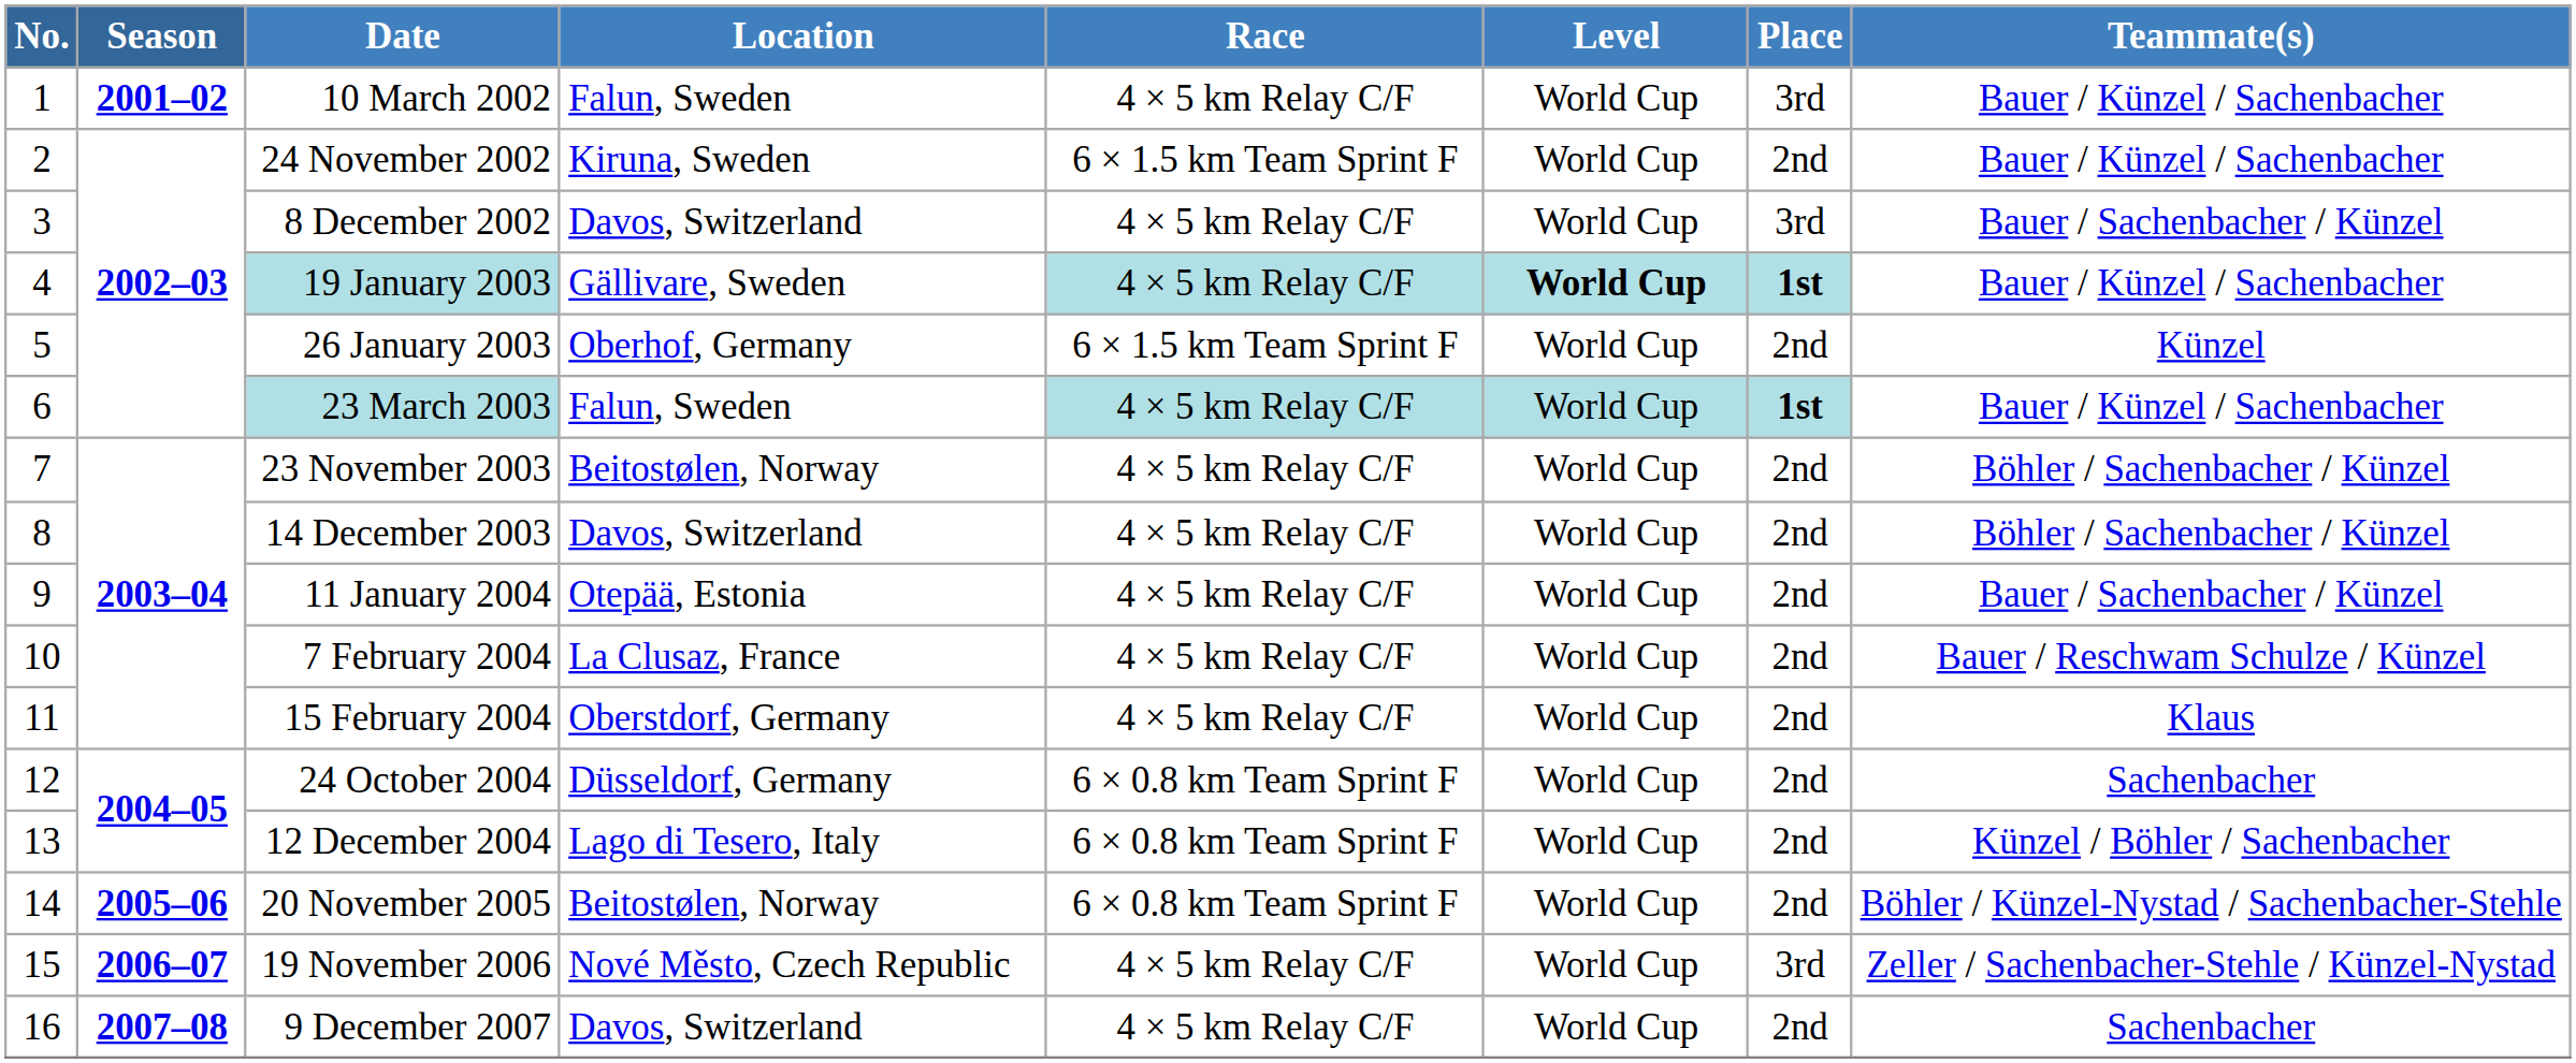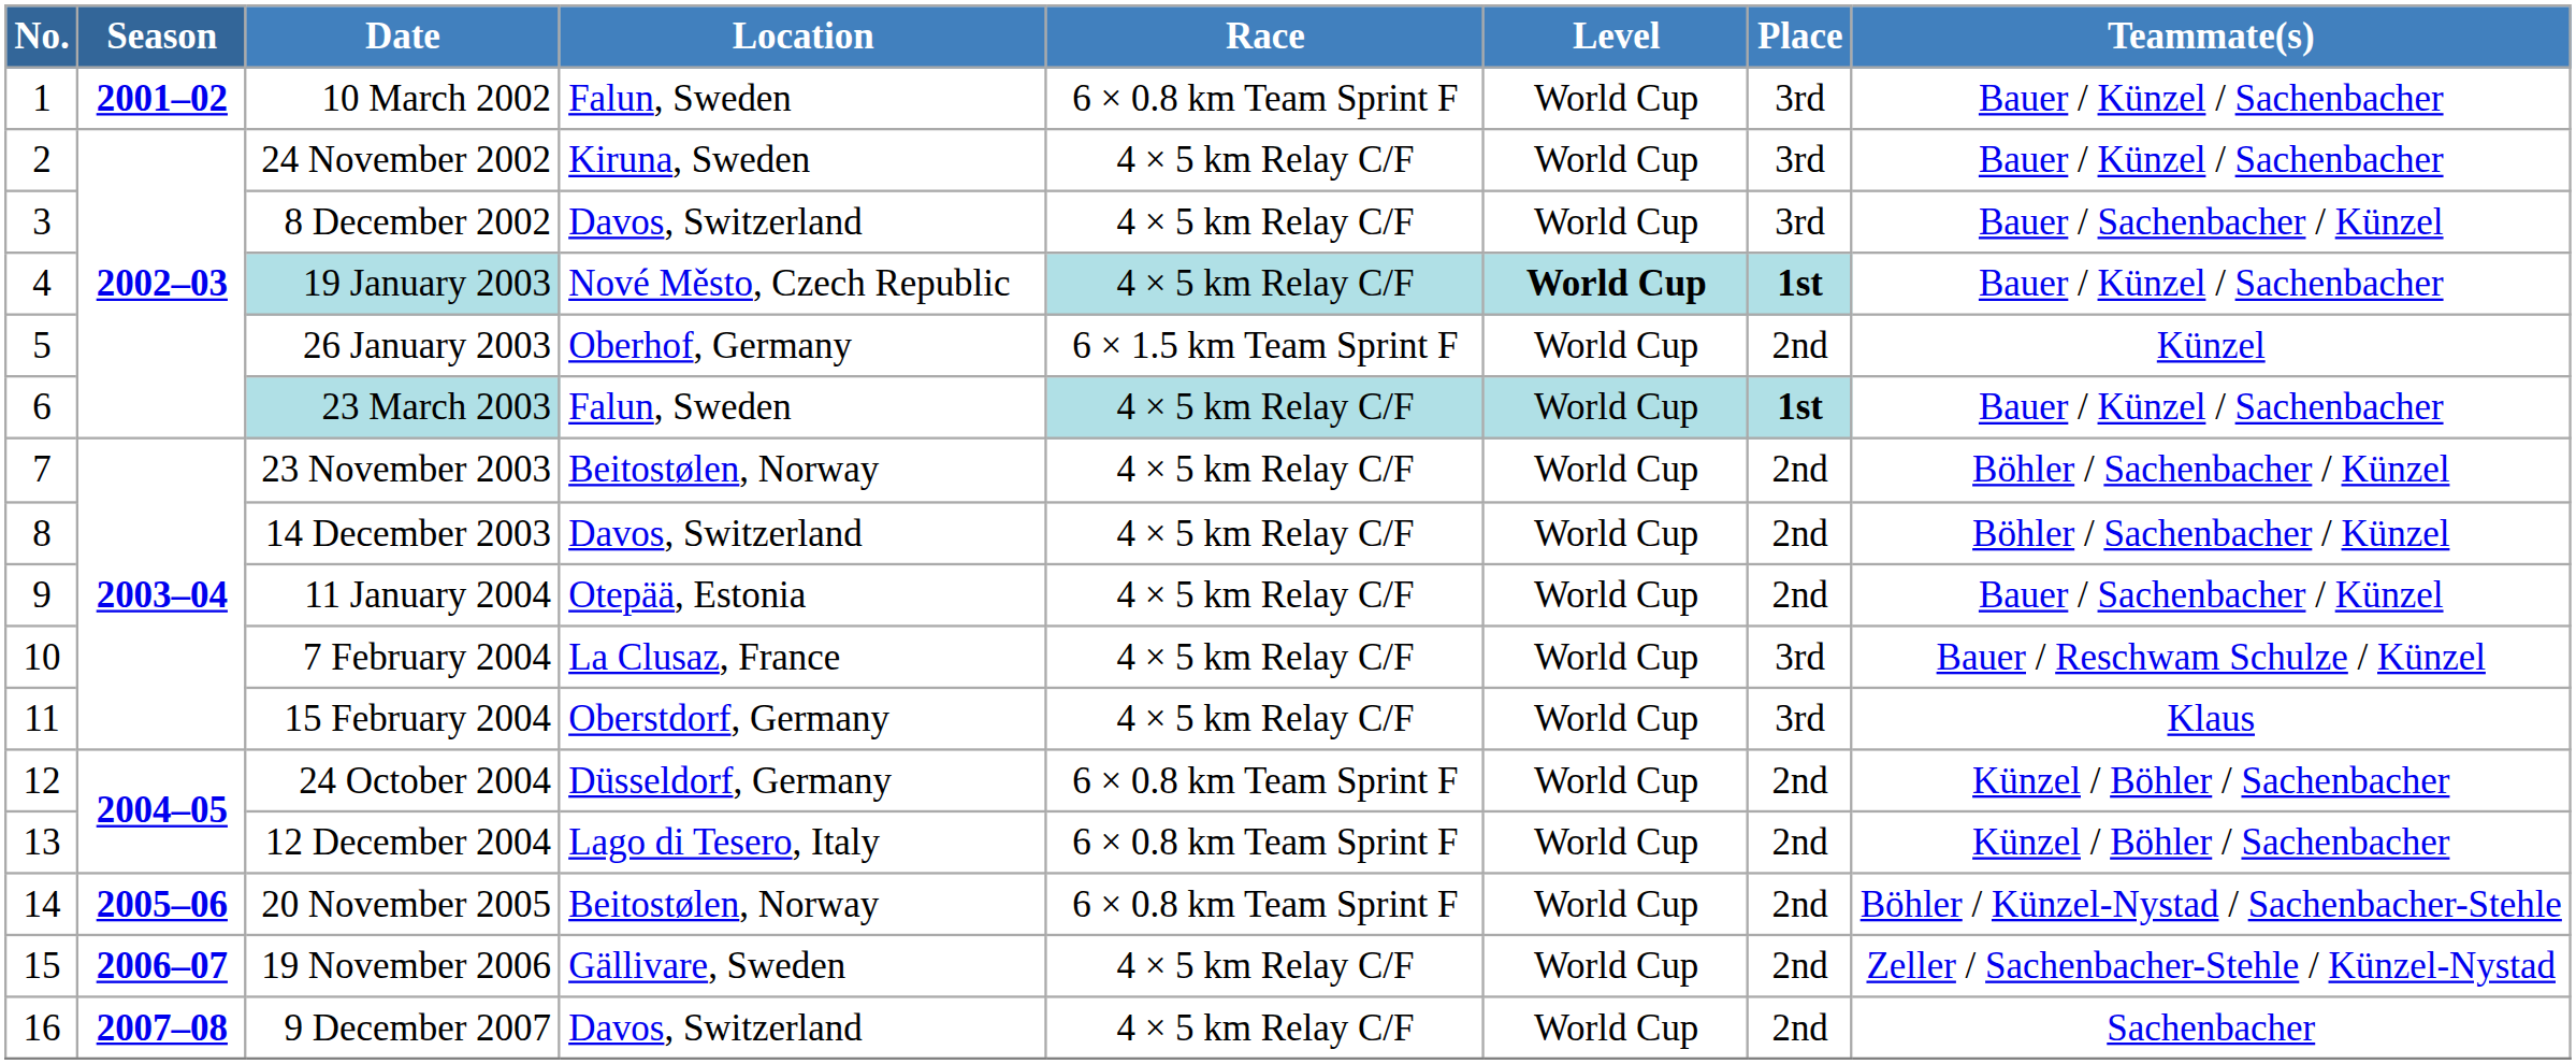 <table class="wikitable sortable" style="font-size:95%; text-align:center; border:grey solid 1px; border-collapse:collapse; background:#ffffff;">
 <tr style="background:#efefef;">
 <th style="background-color:#369; color:white;">No.</th>
 <th style="background-color:#369; color:white;">Season</th>
 <th style="background-color:#4180be; color:white; width:120px;">Date</th>
 <th style="background-color:#4180be; color:white; width:190px;">Location</th>
 <th style="background-color:#4180be; color:white; width:170px;">Race</th>
 <th style="background-color:#4180be; color:white; width:100px;">Level</th>
 <th style="background-color:#4180be; color:white;">Place</th>
 <th style="background-color:#4180be; color:white;">Teammate(s)</th>
 </tr>
 <tr>
 <td align=center>1</td>
 <td rowspan=1 align=center><strong> <a href='#'>2001–02</a> </strong></td>
 <td align=right>10 March 2002</td>
 <td align=left> <a href='#'>Falun</a>, Sweden</td>
-<td>4 × 5 km Relay C/F</td>
+<td>6 × 0.8 km Team Sprint F</td>
 <td>World Cup</td>
 <td>3rd</td>
 <td><a href='#'>Bauer</a> / <a href='#'>Künzel</a> / <a href='#'>Sachenbacher</a></td>
 </tr>
 <tr>
 <td align=center>2</td>
 <td rowspan=5 align=center><strong> <a href='#'>2002–03</a> </strong></td>
 <td align=right>24 November 2002</td>
 <td align=left> <a href='#'>Kiruna</a>, Sweden</td>
-<td>6 × 1.5 km Team Sprint F</td>
+<td>4 × 5 km Relay C/F</td>
 <td>World Cup</td>
-<td>2nd</td>
+<td>3rd</td>
 <td><a href='#'>Bauer</a> / <a href='#'>Künzel</a> / <a href='#'>Sachenbacher</a></td>
 </tr>
 <tr>
 <td align=center>3</td>
 <td align=right>8 December 2002</td>
 <td align=left> <a href='#'>Davos</a>, Switzerland</td>
 <td>4 × 5 km Relay C/F</td>
 <td>World Cup</td>
 <td>3rd</td>
 <td><a href='#'>Bauer</a> / <a href='#'>Sachenbacher</a> / <a href='#'>Künzel</a></td>
 </tr>
 <tr>
 <td align=center>4</td>
 <td bgcolor="#BOEOE6" align=right>19 January 2003</td>
-<td align=left> <a href='#'>Gällivare</a>, Sweden</td>
+<td align=left> <a href='#'>Nové Město</a>, Czech Republic</td>
 <td bgcolor="#BOEOE6">4 × 5 km Relay C/F</td>
 <td bgcolor="#BOEOE6"><strong>World Cup</strong></td>
 <td bgcolor="#BOEOE6"><strong>1st</strong></td>
 <td><a href='#'>Bauer</a> / <a href='#'>Künzel</a> / <a href='#'>Sachenbacher</a></td>
 </tr>
 <tr>
 <td align=center>5</td>
 <td align=right>26 January 2003</td>
 <td align=left> <a href='#'>Oberhof</a>, Germany</td>
 <td>6 × 1.5 km Team Sprint F</td>
 <td>World Cup</td>
 <td>2nd</td>
 <td><a href='#'>Künzel</a></td>
 </tr>
 <tr>
 <td align=center>6</td>
 <td bgcolor="#BOEOE6" align=right>23 March 2003</td>
 <td align=left> <a href='#'>Falun</a>, Sweden</td>
 <td bgcolor="#BOEOE6">4 × 5 km Relay C/F</td>
 <td bgcolor="#BOEOE6">World Cup</td>
 <td bgcolor="#BOEOE6"><strong>1st</strong></td>
 <td><a href='#'>Bauer</a> / <a href='#'>Künzel</a> / <a href='#'>Sachenbacher</a></td>
 </tr>
 <tr>
 <td align=center>7</td>
 <td rowspan=5 align=center><strong> <a href='#'>2003–04</a> </strong></td>
 <td align=right>23 November 2003</td>
 <td align=left> <a href='#'>Beitostølen</a>, Norway</td>
 <td>4 × 5 km Relay C/F</td>
 <td>World Cup</td>
 <td>2nd</td>
 <td><a href='#'>Böhler</a> / <a href='#'>Sachenbacher</a> / <a href='#'>Künzel</a></td>
 </tr>
 <tr>
 <td align=center>8</td>
 <td align=right>14 December 2003</td>
 <td align=left> <a href='#'>Davos</a>, Switzerland</td>
 <td>4 × 5 km Relay C/F</td>
 <td>World Cup</td>
 <td>2nd</td>
 <td><a href='#'>Böhler</a> / <a href='#'>Sachenbacher</a> / <a href='#'>Künzel</a></td>
 </tr>
 <tr>
 <td align=center>9</td>
 <td align=right>11 January 2004</td>
 <td align=left> <a href='#'>Otepää</a>, Estonia</td>
 <td>4 × 5 km Relay C/F</td>
 <td>World Cup</td>
 <td>2nd</td>
 <td><a href='#'>Bauer</a> / <a href='#'>Sachenbacher</a> / <a href='#'>Künzel</a></td>
 </tr>
 <tr>
 <td align=center>10</td>
 <td align=right>7 February 2004</td>
 <td align=left> <a href='#'>La Clusaz</a>, France</td>
 <td>4 × 5 km Relay C/F</td>
 <td>World Cup</td>
-<td>2nd</td>
+<td>3rd</td>
 <td><a href='#'>Bauer</a> / <a href='#'>Reschwam Schulze</a> / <a href='#'>Künzel</a></td>
 </tr>
 <tr>
 <td align=center>11</td>
 <td align=right>15 February 2004</td>
 <td align=left> <a href='#'>Oberstdorf</a>, Germany</td>
 <td>4 × 5 km Relay C/F</td>
 <td>World Cup</td>
-<td>2nd</td>
+<td>3rd</td>
 <td><a href='#'>Klaus</a></td>
 </tr>
 <tr>
 <td align=center>12</td>
 <td rowspan=2 align=center><strong> <a href='#'>2004–05</a> </strong></td>
 <td align=right>24 October 2004</td>
 <td align=left> <a href='#'>Düsseldorf</a>, Germany</td>
 <td>6 × 0.8 km Team Sprint F</td>
 <td>World Cup</td>
 <td>2nd</td>
-<td><a href='#'>Sachenbacher</a></td>
+<td><a href='#'>Künzel</a> / <a href='#'>Böhler</a> / <a href='#'>Sachenbacher</a></td>
 </tr>
 <tr>
 <td align=center>13</td>
 <td align=right>12 December 2004</td>
 <td align=left> <a href='#'>Lago di Tesero</a>, Italy</td>
 <td>6 × 0.8 km Team Sprint F</td>
 <td>World Cup</td>
 <td>2nd</td>
 <td><a href='#'>Künzel</a> / <a href='#'>Böhler</a> / <a href='#'>Sachenbacher</a></td>
 </tr>
 <tr>
 <td align=center>14</td>
 <td rowspan=1 align=center><strong> <a href='#'>2005–06</a> </strong></td>
 <td align=right>20 November 2005</td>
 <td align=left> <a href='#'>Beitostølen</a>, Norway</td>
 <td>6 × 0.8 km Team Sprint F</td>
 <td>World Cup</td>
 <td>2nd</td>
 <td><a href='#'>Böhler</a> / <a href='#'>Künzel-Nystad</a> / <a href='#'>Sachenbacher-Stehle</a></td>
 </tr>
 <tr>
 <td align=center>15</td>
 <td rowspan=1 align=center><strong> <a href='#'>2006–07</a> </strong></td>
 <td align=right>19 November 2006</td>
-<td align=left> <a href='#'>Nové Město</a>, Czech Republic</td>
+<td align=left> <a href='#'>Gällivare</a>, Sweden</td>
 <td>4 × 5 km Relay C/F</td>
 <td>World Cup</td>
-<td>3rd</td>
+<td>2nd</td>
 <td><a href='#'>Zeller</a> / <a href='#'>Sachenbacher-Stehle</a> / <a href='#'>Künzel-Nystad</a></td>
 </tr>
 <tr>
 <td align=center>16</td>
 <td rowspan=1 align=center><strong> <a href='#'>2007–08</a> </strong></td>
 <td align=right>9 December 2007</td>
 <td align=left> <a href='#'>Davos</a>, Switzerland</td>
 <td>4 × 5 km Relay C/F</td>
 <td>World Cup</td>
 <td>2nd</td>
 <td><a href='#'>Sachenbacher</a></td>
 </tr>
 <tr>
 </tr>
 </table>
